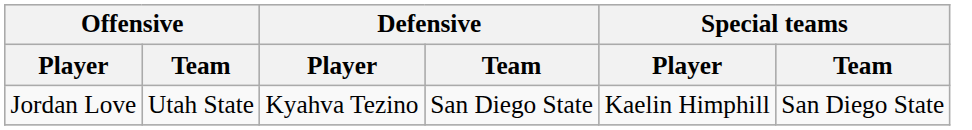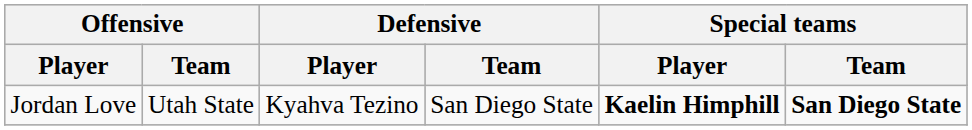 <table class="wikitable">
 <tr>
 <th colspan="2">Offensive</th>
 <th colspan="2">Defensive</th>
 <th colspan="2">Special teams</th>
 </tr>
 <tr>
 <th>Player</th>
 <th>Team</th>
 <th>Player</th>
 <th>Team</th>
 <th>Player</th>
 <th>Team</th>
 </tr>
 <tr>
 <td>Jordan Love</td>
 <td>Utah State</td>
 <td>Kyahva Tezino</td>
 <td>San Diego State</td>
-<td>Kaelin Himphill</td>
-<td>San Diego State</td>
+<td><strong>Kaelin Himphill</strong></td>
+<td><strong>San Diego State</strong></td>
 </tr>
 </table>
